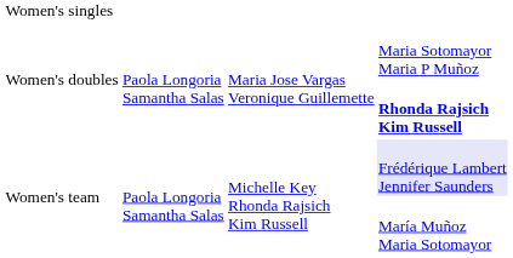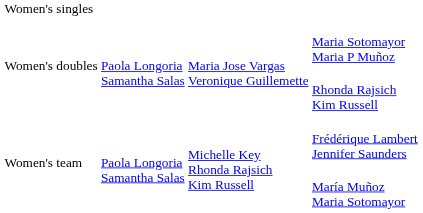 <table>
 <tr>
 <td rowspan=2>Women's singles<br></td>
 <td rowspan=2></td>
 <td rowspan=2></td>
 <td></td>
 </tr>
 <tr>
 <td></td>
 </tr>
 <tr>
 <td rowspan=2>Women's doubles<br></td>
 <td rowspan=2><br><a href='#'>Paola Longoria</a><br><a href='#'>Samantha Salas</a></td>
 <td rowspan=2><br><a href='#'>Maria Jose Vargas</a><br><a href='#'>Veronique Guillemette</a></td>
 <td><br><a href='#'>Maria Sotomayor</a><br><a href='#'>Maria P Muñoz</a></td>
 </tr>
 <tr>
-<td><strong><br><a href='#'>Rhonda Rajsich</a><br><a href='#'>Kim Russell</a></strong></td>
+<td><br><a href='#'>Rhonda Rajsich</a><br><a href='#'>Kim Russell</a></td>
 </tr>
 <tr>
 <td rowspan=2>Women's team<br></td>
 <td rowspan=2><br><a href='#'>Paola Longoria</a><br><a href='#'>Samantha Salas</a></td>
 <td rowspan=2><br><a href='#'>Michelle Key</a><br><a href='#'>Rhonda Rajsich</a><br><a href='#'>Kim Russell</a></td>
-<td style="background: lavender;"><br><a href='#'>Frédérique Lambert</a> <br><a href='#'>Jennifer Saunders</a></td>
+<td><br><a href='#'>Frédérique Lambert</a> <br><a href='#'>Jennifer Saunders</a></td>
 </tr>
 <tr>
 <td><br><a href='#'>María Muñoz</a> <br><a href='#'>Maria Sotomayor</a></td>
 </tr>
 </table>
